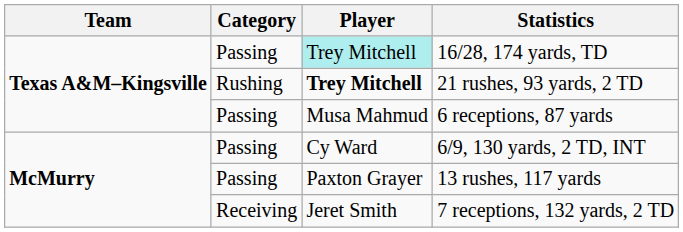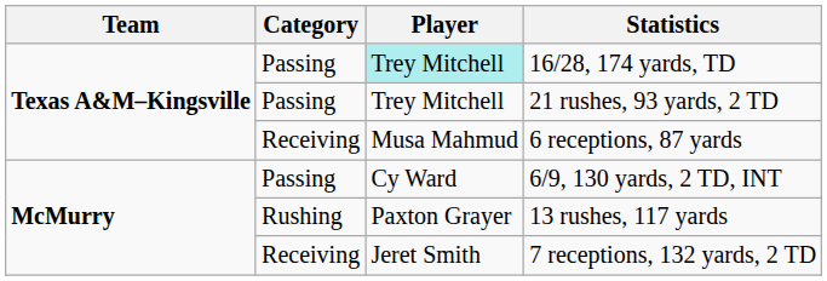 <table class="wikitable" style="float: left;">
 <tr>
 <th>Team</th>
 <th>Category</th>
 <th>Player</th>
 <th>Statistics</th>
 </tr>
 <tr>
 <td rowspan=3><strong>Texas A&M–Kingsville</strong></td>
 <td>Passing</td>
 <td style="background: paleturquoise;">Trey Mitchell</td>
 <td>16/28, 174 yards, TD</td>
 </tr>
 <tr>
-<td>Rushing</td>
-<td><strong>Trey Mitchell</strong></td>
+<td>Passing</td>
+<td>Trey Mitchell</td>
 <td>21 rushes, 93 yards, 2 TD</td>
 </tr>
 <tr>
-<td>Passing</td>
+<td>Receiving</td>
 <td>Musa Mahmud</td>
 <td>6 receptions, 87 yards</td>
 </tr>
 <tr>
 <td rowspan=3><strong>McMurry</strong></td>
 <td>Passing</td>
 <td>Cy Ward</td>
 <td>6/9, 130 yards, 2 TD, INT</td>
 </tr>
 <tr>
-<td>Passing</td>
+<td>Rushing</td>
 <td>Paxton Grayer</td>
 <td>13 rushes, 117 yards</td>
 </tr>
 <tr>
 <td>Receiving</td>
 <td>Jeret Smith</td>
 <td>7 receptions, 132 yards, 2 TD</td>
 </tr>
 </table>
